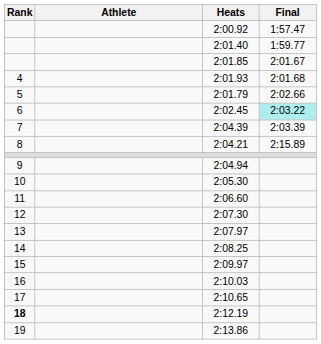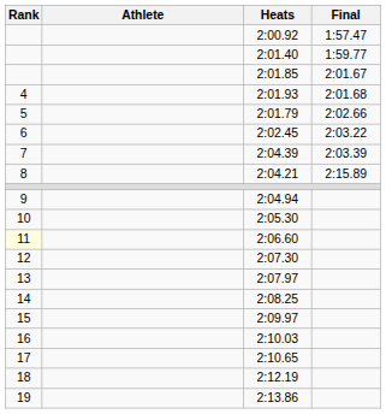 <table class=wikitable style="text-align:center">
 <tr>
 <th width=40>Rank</th>
 <th width=250>Athlete</th>
 <th width=80>Heats</th>
 <th width=80>Final</th>
 </tr>
 <tr>
 <td></td>
 <td align=left></td>
 <td>2:00.92</td>
 <td>1:57.47</td>
 </tr>
 <tr>
 <td></td>
 <td align=left></td>
 <td>2:01.40</td>
 <td>1:59.77</td>
 </tr>
 <tr>
 <td></td>
 <td align=left></td>
 <td>2:01.85</td>
 <td>2:01.67</td>
 </tr>
 <tr>
 <td>4</td>
 <td align=left></td>
 <td>2:01.93</td>
 <td>2:01.68</td>
 </tr>
 <tr>
 <td>5</td>
 <td align=left></td>
 <td>2:01.79</td>
 <td>2:02.66</td>
 </tr>
 <tr>
 <td>6</td>
 <td align=left></td>
 <td>2:02.45</td>
-<td style="background: paleturquoise;">2:03.22</td>
+<td>2:03.22</td>
 </tr>
 <tr>
 <td>7</td>
 <td align=left></td>
 <td>2:04.39</td>
 <td>2:03.39</td>
 </tr>
 <tr>
 <td>8</td>
 <td align=left></td>
 <td>2:04.21</td>
 <td>2:15.89</td>
 </tr>
 <tr bgcolor=#DDDDDD>
 <td colspan=4></td>
 </tr>
 <tr>
 <td>9</td>
 <td align=left></td>
 <td>2:04.94</td>
 <td></td>
 </tr>
 <tr>
 <td>10</td>
 <td align=left></td>
 <td>2:05.30</td>
 <td></td>
 </tr>
 <tr>
-<td>11</td>
+<td style="background: lightyellow;">11</td>
 <td align=left></td>
 <td>2:06.60</td>
 <td></td>
 </tr>
 <tr>
 <td>12</td>
 <td align=left></td>
 <td>2:07.30</td>
 <td></td>
 </tr>
 <tr>
 <td>13</td>
 <td align=left></td>
 <td>2:07.97</td>
 <td></td>
 </tr>
 <tr>
 <td>14</td>
 <td align=left></td>
 <td>2:08.25</td>
 <td></td>
 </tr>
 <tr>
 <td>15</td>
 <td align=left></td>
 <td>2:09.97</td>
 <td></td>
 </tr>
 <tr>
 <td>16</td>
 <td align=left></td>
 <td>2:10.03</td>
 <td></td>
 </tr>
 <tr>
 <td>17</td>
 <td align=left></td>
 <td>2:10.65</td>
 <td></td>
 </tr>
 <tr>
-<td><strong>18</strong></td>
+<td>18</td>
 <td align=left></td>
 <td>2:12.19</td>
 <td></td>
 </tr>
 <tr>
 <td>19</td>
 <td align=left></td>
 <td>2:13.86</td>
 <td></td>
 </tr>
 </table>
